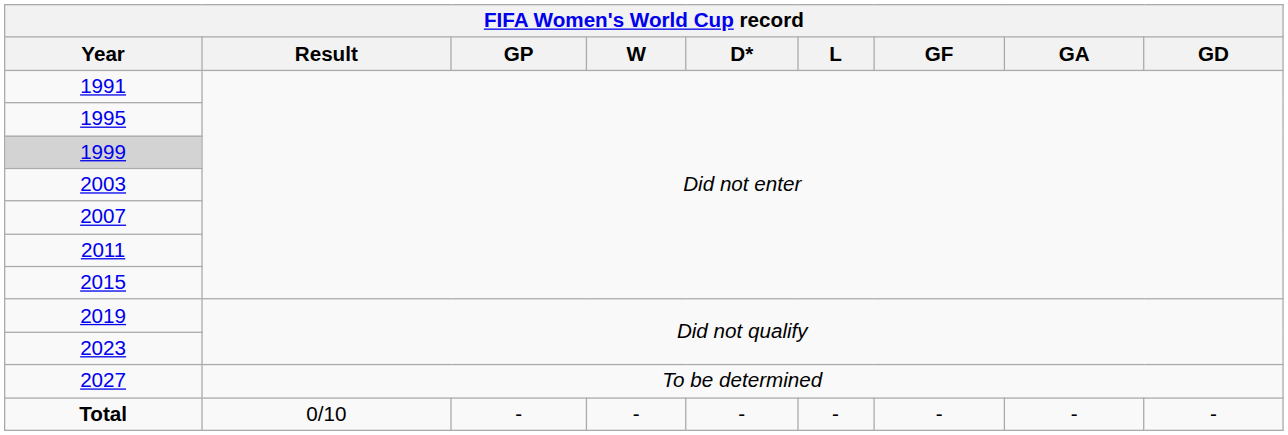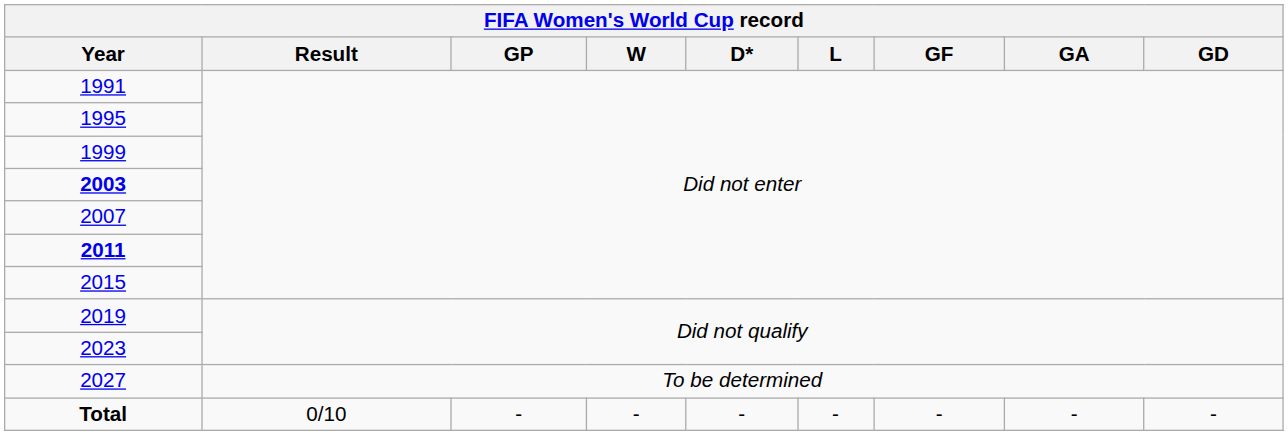 <table class="wikitable" style="text-align: center; width:50%;">
 <tr>
 <th colspan=10><a href='#'>FIFA Women's World Cup</a> record</th>
 </tr>
 <tr>
 <th>Year</th>
 <th>Result</th>
 <th>GP</th>
 <th>W</th>
 <th>D*</th>
 <th>L</th>
 <th>GF</th>
 <th>GA</th>
 <th>GD</th>
 </tr>
 <tr>
 <td> <a href='#'>1991</a></td>
 <td colspan=8 rowspan =7><em>Did not enter</em></td>
 </tr>
 <tr>
 <td> <a href='#'>1995</a></td>
 </tr>
 <tr>
-<td style="background: lightgrey;"> <a href='#'>1999</a></td>
+<td> <a href='#'>1999</a></td>
 </tr>
 <tr>
-<td> <a href='#'>2003</a></td>
+<td><strong> <a href='#'>2003</a></strong></td>
 </tr>
 <tr>
 <td> <a href='#'>2007</a></td>
 </tr>
 <tr>
-<td> <a href='#'>2011</a></td>
+<td><strong> <a href='#'>2011</a></strong></td>
 </tr>
 <tr>
 <td> <a href='#'>2015</a></td>
 </tr>
 <tr>
 <td> <a href='#'>2019</a></td>
 <td colspan=8 rowspan=2><em>Did not qualify</em></td>
 </tr>
 <tr>
 <td> <a href='#'>2023</a></td>
 </tr>
 <tr>
 <td> <a href='#'>2027</a></td>
 <td colspan=8><em>To be determined</em></td>
 </tr>
 <tr>
 <td><strong>Total</strong></td>
 <td>0/10</td>
 <td>-</td>
 <td>-</td>
 <td>-</td>
 <td>-</td>
 <td>-</td>
 <td>-</td>
 <td>-</td>
 </tr>
 </table>
